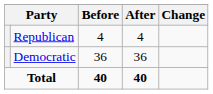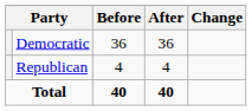 <table class="wikitable" style="text-align:center;">
 <tr>
 </tr>
 <tr>
 <th colspan=2>Party</th>
 <th>Before</th>
 <th>After</th>
 <th>Change</th>
 </tr>
 <tr>
 <th style="background-color:"></th>
-<td style="text-align:left;"><a href='#'>Republican</a></td>
-<td>4</td>
-<td>4</td>
+<td style="text-align:left;"><a href='#'>Democratic</a></td>
+<td>36</td>
+<td>36</td>
 <td></td>
 </tr>
 <tr>
 <th style="background-color:"></th>
-<td style="text-align:left;"><a href='#'>Democratic</a></td>
-<td>36</td>
-<td>36</td>
+<td style="text-align:left;"><a href='#'>Republican</a></td>
+<td>4</td>
+<td>4</td>
 <td></td>
 </tr>
 <tr>
 <td colspan=2><strong>Total</strong></td>
 <td><strong>40</strong></td>
 <td><strong>40</strong></td>
 <td></td>
 </tr>
 </table>
